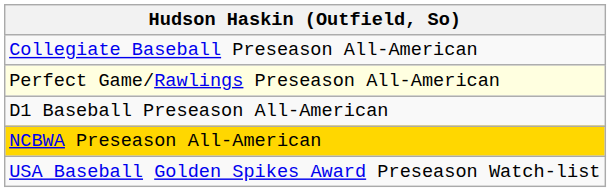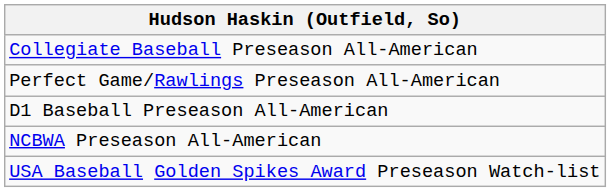 <table class="wikitable">
 <tr>
 <th colspan=3>Hudson Haskin (Outfield, So)</th>
 </tr>
 <tr>
 <td><a href='#'>Collegiate Baseball</a> Preseason All-American</td>
 </tr>
 <tr>
-<td style="background: lightyellow;">Perfect Game/<a href='#'>Rawlings</a> Preseason All-American</td>
+<td>Perfect Game/<a href='#'>Rawlings</a> Preseason All-American</td>
 </tr>
 <tr>
 <td>D1 Baseball Preseason All-American</td>
 </tr>
 <tr>
-<td style="background: gold;"><a href='#'>NCBWA</a> Preseason All-American</td>
+<td><a href='#'>NCBWA</a> Preseason All-American</td>
 </tr>
 <tr>
 <td><a href='#'>USA Baseball</a> <a href='#'>Golden Spikes Award</a> Preseason Watch-list</td>
 </tr>
 </table>
